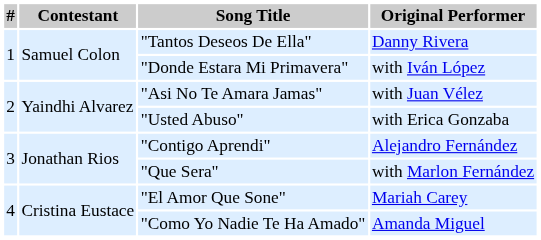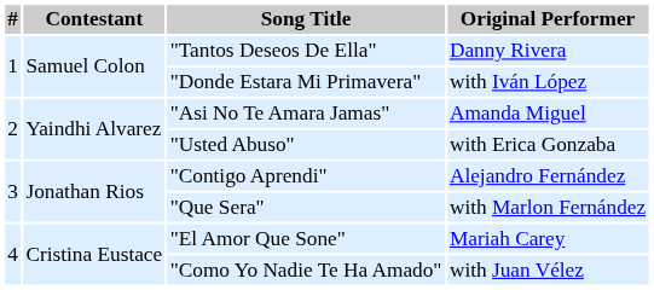 <table cellpadding=2 cellspacing=2>
 <tr bgcolor=#cccccc>
 <th>#</th>
 <th>Contestant</th>
 <th>Song Title</th>
 <th>Original Performer</th>
 </tr>
 <tr bgcolor=#DDEEFF>
 <td rowspan="2" align=center>1</td>
 <td rowspan="2">Samuel Colon</td>
 <td>"Tantos Deseos De Ella"</td>
 <td><a href='#'>Danny Rivera</a></td>
 </tr>
 <tr bgcolor=#DDEEFF>
 <td>"Donde Estara Mi Primavera"</td>
 <td>with <a href='#'>Iván López</a></td>
 </tr>
 <tr bgcolor=#DDEEFF>
 <td rowspan="2" align=center>2</td>
 <td rowspan="2">Yaindhi Alvarez</td>
 <td>"Asi No Te Amara Jamas"</td>
-<td>with <a href='#'>Juan Vélez</a></td>
+<td><a href='#'>Amanda Miguel</a></td>
 </tr>
 <tr bgcolor=#DDEEFF>
 <td>"Usted Abuso"</td>
 <td>with Erica Gonzaba</td>
 </tr>
 <tr bgcolor=#DDEEFF>
 <td rowspan="2" align=center>3</td>
 <td rowspan="2">Jonathan Rios</td>
 <td>"Contigo Aprendi"</td>
 <td><a href='#'>Alejandro Fernández</a></td>
 </tr>
 <tr bgcolor=#DDEEFF>
 <td>"Que Sera"</td>
 <td>with <a href='#'>Marlon Fernández</a></td>
 </tr>
 <tr bgcolor=#DDEEFF>
 <td rowspan="2" align=center>4</td>
 <td rowspan="2">Cristina Eustace</td>
 <td>"El Amor Que Sone"</td>
 <td><a href='#'>Mariah Carey</a></td>
 </tr>
 <tr bgcolor=#DDEEFF>
 <td>"Como Yo Nadie Te Ha Amado"</td>
-<td><a href='#'>Amanda Miguel</a></td>
+<td>with <a href='#'>Juan Vélez</a></td>
 </tr>
 </table>
